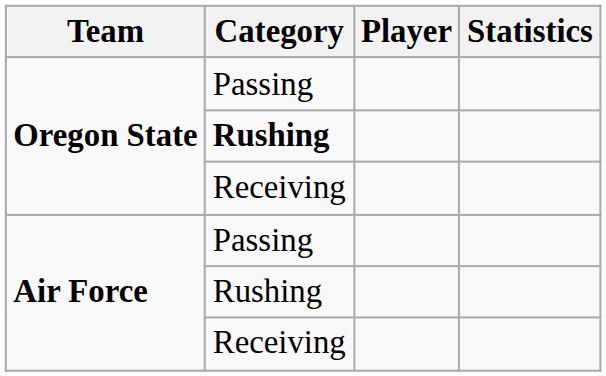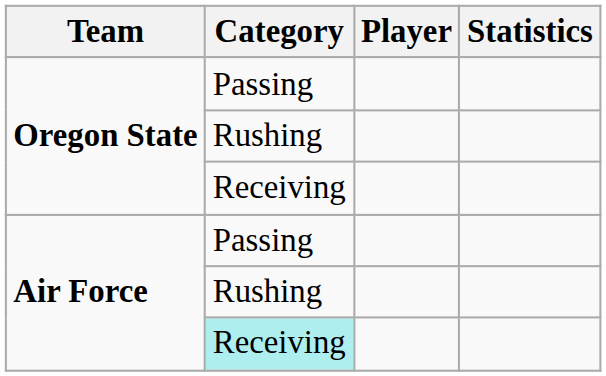 <table class="wikitable" style="float: right;">
 <tr>
 <th>Team</th>
 <th>Category</th>
 <th>Player</th>
 <th>Statistics</th>
 </tr>
 <tr>
 <td rowspan=3><strong>Oregon State</strong></td>
 <td>Passing</td>
 <td></td>
 <td></td>
 </tr>
 <tr>
-<td><strong>Rushing</strong></td>
+<td>Rushing</td>
 <td></td>
 <td></td>
 </tr>
 <tr>
 <td>Receiving</td>
 <td></td>
 <td></td>
 </tr>
 <tr>
 <td rowspan=3><strong>Air Force</strong></td>
 <td>Passing</td>
 <td></td>
 <td></td>
 </tr>
 <tr>
 <td>Rushing</td>
 <td></td>
 <td></td>
 </tr>
 <tr>
-<td>Receiving</td>
+<td style="background: paleturquoise;">Receiving</td>
 <td></td>
 <td></td>
 </tr>
 </table>
